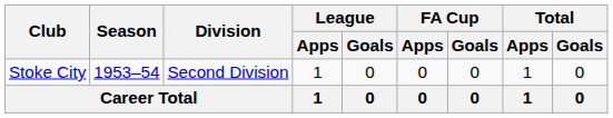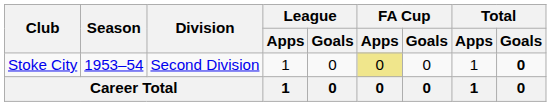 <table class="wikitable" style="text-align: center;">
 <tr>
 <th rowspan="2">Club</th>
 <th rowspan="2">Season</th>
 <th rowspan="2">Division</th>
 <th colspan="2">League</th>
 <th colspan="2">FA Cup</th>
 <th colspan="2">Total</th>
 </tr>
 <tr>
 <th>Apps</th>
 <th>Goals</th>
 <th>Apps</th>
 <th>Goals</th>
 <th>Apps</th>
 <th>Goals</th>
 </tr>
 <tr>
 <td><a href='#'>Stoke City</a></td>
 <td><a href='#'>1953–54</a></td>
 <td><a href='#'>Second Division</a></td>
 <td>1</td>
 <td>0</td>
-<td>0</td>
+<td style="background: khaki;">0</td>
 <td>0</td>
 <td>1</td>
-<td>0</td>
+<td><strong>0</strong></td>
 </tr>
 <tr>
 <th colspan="3">Career Total</th>
 <th>1</th>
 <th>0</th>
 <th>0</th>
 <th>0</th>
 <th>1</th>
 <th>0</th>
 </tr>
 </table>
